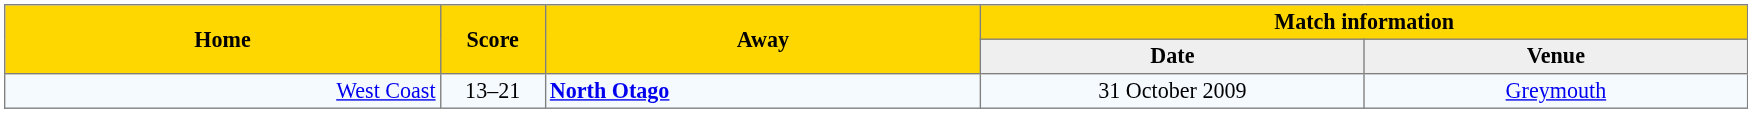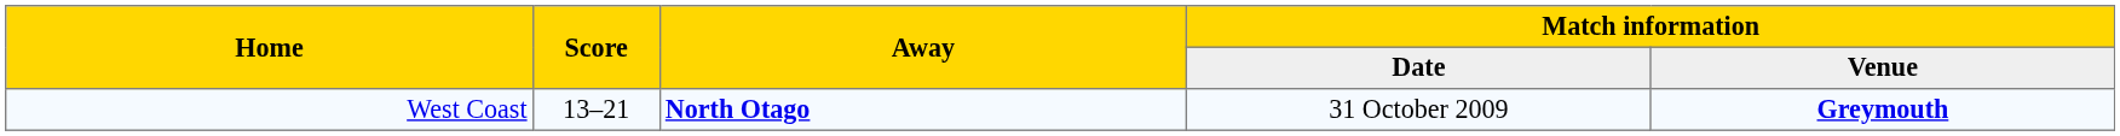 <table border=1 style="border-collapse:collapse;text-align:center" cellpadding=3 cellspacing=0 width=100%>
 <tr bgcolor=#FFD700>
 <th rowspan=2 width=25%>Home</th>
 <th rowspan=2 width=6%>Score</th>
 <th rowspan=2 width=25%>Away</th>
 <th colspan=6>Match information</th>
 </tr>
 <tr bgcolor=#EFEFEF>
 <th width=22%>Date</th>
 <th width=22%>Venue</th>
 </tr>
 <tr bgcolor=#F5FAFF>
 <td align=right><a href='#'>West Coast</a></td>
 <td>13–21</td>
 <td align=left><strong><a href='#'>North Otago</a></strong></td>
 <td>31 October 2009</td>
-<td><a href='#'>Greymouth</a></td>
+<td><strong><a href='#'>Greymouth</a></strong></td>
 </tr>
 </table>
